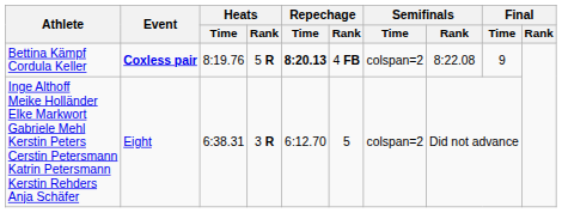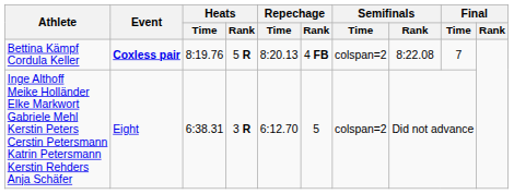 <table class="wikitable" style="font-size:90%">
 <tr>
 <th rowspan="2">Athlete</th>
 <th rowspan="2">Event</th>
 <th colspan="2">Heats</th>
 <th colspan="2">Repechage</th>
 <th colspan="2">Semifinals</th>
 <th colspan="2">Final</th>
 </tr>
 <tr style="font-size:95%">
 <th>Time</th>
 <th>Rank</th>
 <th>Time</th>
 <th>Rank</th>
 <th>Time</th>
 <th>Rank</th>
 <th>Time</th>
 <th>Rank</th>
 </tr>
 <tr align=center>
 <td align=left><a href='#'>Bettina Kämpf</a><br><a href='#'>Cordula Keller</a></td>
 <td align=left><strong><a href='#'>Coxless pair</a></strong></td>
 <td>8:19.76</td>
 <td>5 <strong>R</strong></td>
-<td><strong>8:20.13</strong></td>
+<td>8:20.13</td>
 <td>4 <strong>FB</strong></td>
 <td>colspan=2</td>
 <td>8:22.08</td>
-<td>9</td>
+<td>7</td>
 </tr>
 <tr align=center>
 <td align=left><a href='#'>Inge Althoff</a><br><a href='#'>Meike Holländer</a><br><a href='#'>Elke Markwort</a><br><a href='#'>Gabriele Mehl</a><br><a href='#'>Kerstin Peters</a><br><a href='#'>Cerstin Petersmann</a><br><a href='#'>Katrin Petersmann</a><br><a href='#'>Kerstin Rehders</a><br><a href='#'>Anja Schäfer</a></td>
 <td align=left><a href='#'>Eight</a></td>
 <td>6:38.31</td>
 <td>3 <strong>R</strong></td>
 <td>6:12.70</td>
 <td>5</td>
 <td>colspan=2</td>
 <td colspan=2>Did not advance</td>
 </tr>
 </table>
